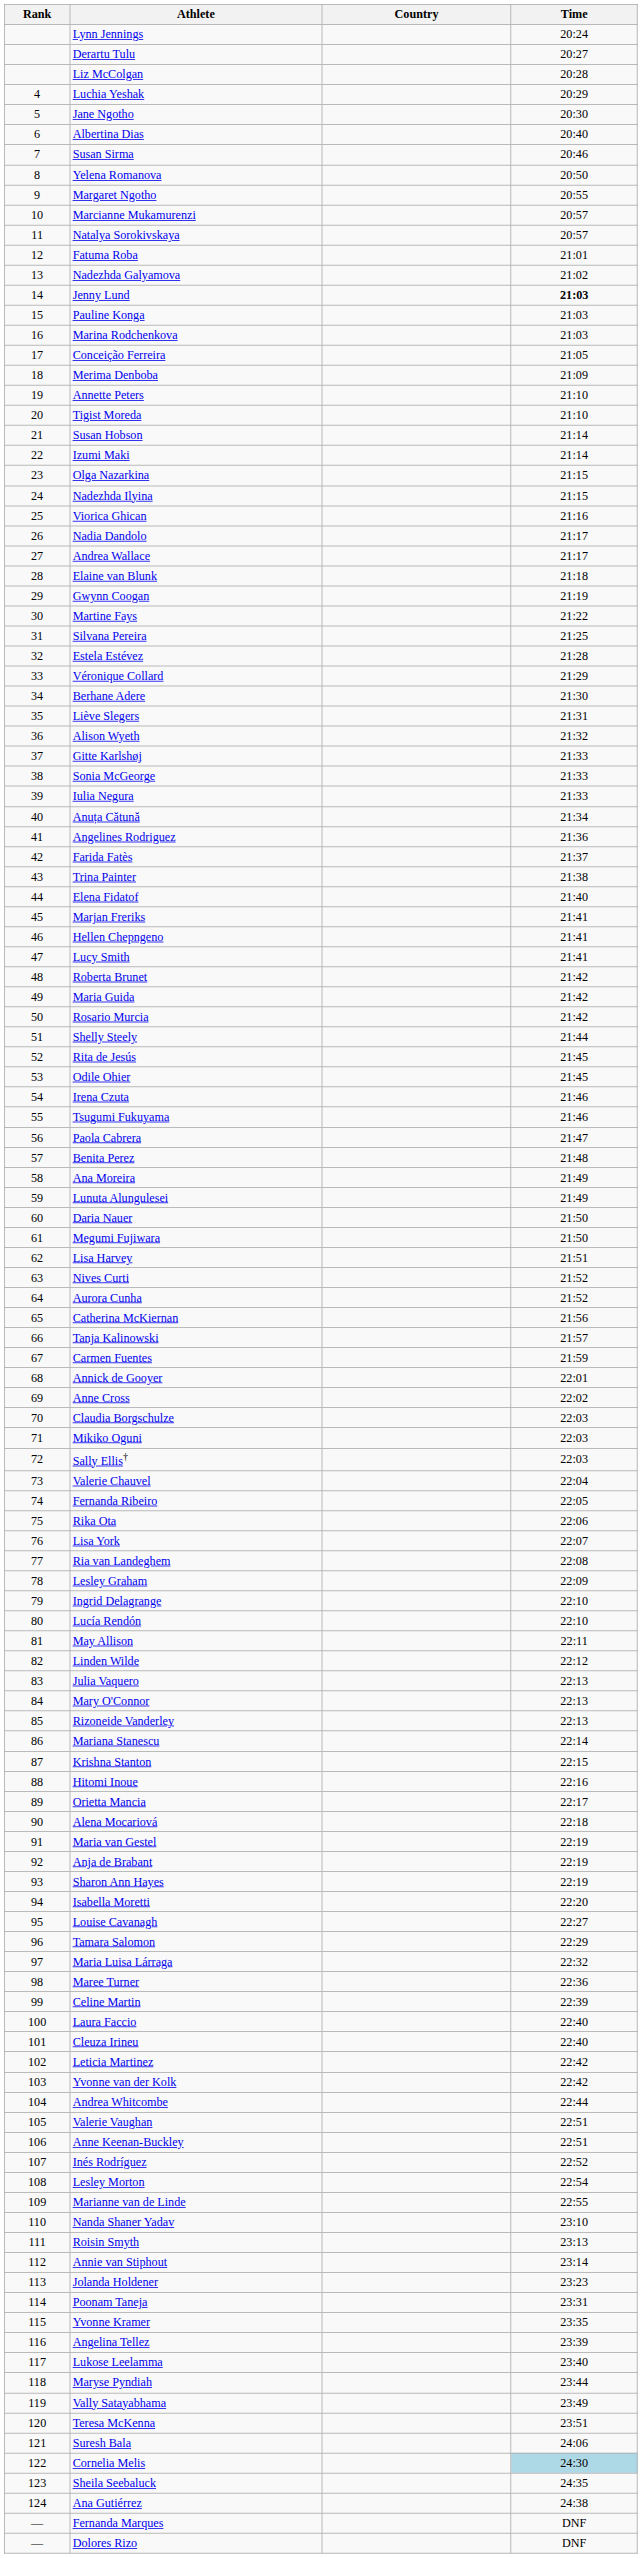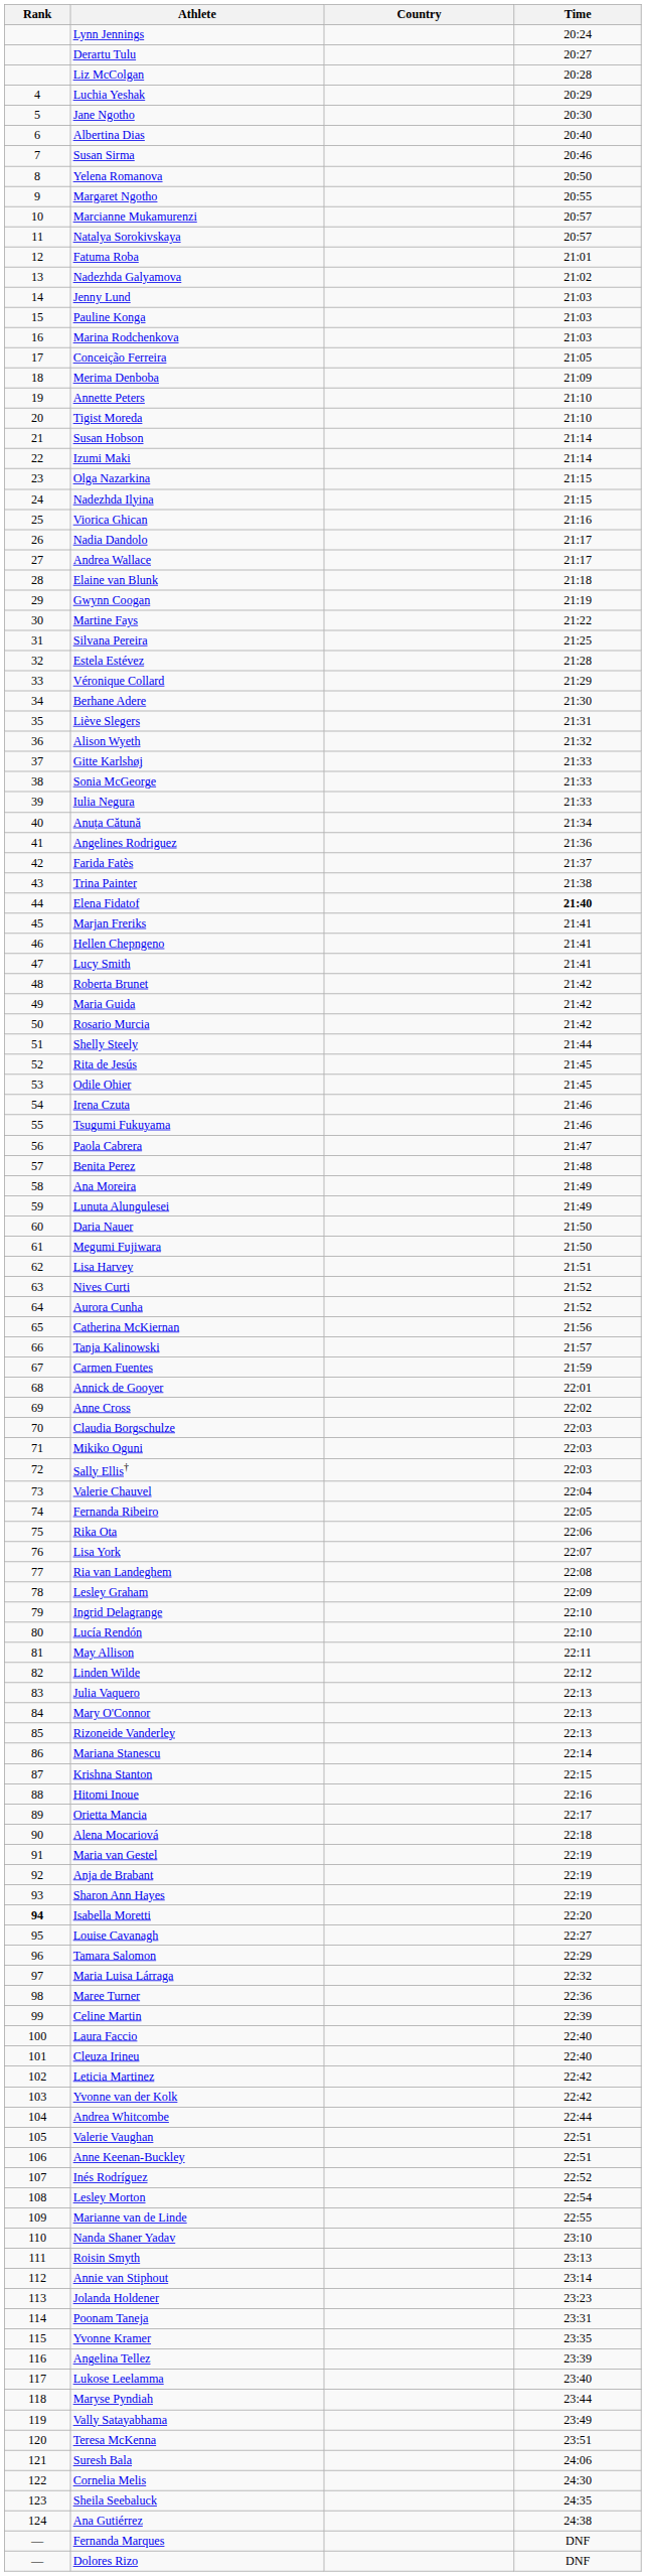 <table class="wikitable sortable" style=" text-align:center; font-size:95%;" width="50%">
 <tr>
 <th width=5%>Rank</th>
 <th width=20%>Athlete</th>
 <th width=15%>Country</th>
 <th width=10%>Time</th>
 </tr>
 <tr>
 <td align=center></td>
 <td align=left><a href='#'>Lynn Jennings</a></td>
 <td align=left></td>
 <td>20:24</td>
 </tr>
 <tr>
 <td align=center></td>
 <td align=left><a href='#'>Derartu Tulu</a></td>
 <td align=left></td>
 <td>20:27</td>
 </tr>
 <tr>
 <td align=center></td>
 <td align=left><a href='#'>Liz McColgan</a></td>
 <td align=left></td>
 <td>20:28</td>
 </tr>
 <tr>
 <td align=center>4</td>
 <td align=left><a href='#'>Luchia Yeshak</a></td>
 <td align=left></td>
 <td>20:29</td>
 </tr>
 <tr>
 <td align=center>5</td>
 <td align=left><a href='#'>Jane Ngotho</a></td>
 <td align=left></td>
 <td>20:30</td>
 </tr>
 <tr>
 <td align=center>6</td>
 <td align=left><a href='#'>Albertina Dias</a></td>
 <td align=left></td>
 <td>20:40</td>
 </tr>
 <tr>
 <td align=center>7</td>
 <td align=left><a href='#'>Susan Sirma</a></td>
 <td align=left></td>
 <td>20:46</td>
 </tr>
 <tr>
 <td align=center>8</td>
 <td align=left><a href='#'>Yelena Romanova</a></td>
 <td align=left></td>
 <td>20:50</td>
 </tr>
 <tr>
 <td align=center>9</td>
 <td align=left><a href='#'>Margaret Ngotho</a></td>
 <td align=left></td>
 <td>20:55</td>
 </tr>
 <tr>
 <td align=center>10</td>
 <td align=left><a href='#'>Marcianne Mukamurenzi</a></td>
 <td align=left></td>
 <td>20:57</td>
 </tr>
 <tr>
 <td align=center>11</td>
 <td align=left><a href='#'>Natalya Sorokivskaya</a></td>
 <td align=left></td>
 <td>20:57</td>
 </tr>
 <tr>
 <td align=center>12</td>
 <td align=left><a href='#'>Fatuma Roba</a></td>
 <td align=left></td>
 <td>21:01</td>
 </tr>
 <tr>
 <td align=center>13</td>
 <td align=left><a href='#'>Nadezhda Galyamova</a></td>
 <td align=left></td>
 <td>21:02</td>
 </tr>
 <tr>
 <td align=center>14</td>
 <td align=left><a href='#'>Jenny Lund</a></td>
 <td align=left></td>
-<td><strong>21:03</strong></td>
+<td>21:03</td>
 </tr>
 <tr>
 <td align=center>15</td>
 <td align=left><a href='#'>Pauline Konga</a></td>
 <td align=left></td>
 <td>21:03</td>
 </tr>
 <tr>
 <td align=center>16</td>
 <td align=left><a href='#'>Marina Rodchenkova</a></td>
 <td align=left></td>
 <td>21:03</td>
 </tr>
 <tr>
 <td align=center>17</td>
 <td align=left><a href='#'>Conceição Ferreira</a></td>
 <td align=left></td>
 <td>21:05</td>
 </tr>
 <tr>
 <td align=center>18</td>
 <td align=left><a href='#'>Merima Denboba</a></td>
 <td align=left></td>
 <td>21:09</td>
 </tr>
 <tr>
 <td align=center>19</td>
 <td align=left><a href='#'>Annette Peters</a></td>
 <td align=left></td>
 <td>21:10</td>
 </tr>
 <tr>
 <td align=center>20</td>
 <td align=left><a href='#'>Tigist Moreda</a></td>
 <td align=left></td>
 <td>21:10</td>
 </tr>
 <tr>
 <td align=center>21</td>
 <td align=left><a href='#'>Susan Hobson</a></td>
 <td align=left></td>
 <td>21:14</td>
 </tr>
 <tr>
 <td align=center>22</td>
 <td align=left><a href='#'>Izumi Maki</a></td>
 <td align=left></td>
 <td>21:14</td>
 </tr>
 <tr>
 <td align=center>23</td>
 <td align=left><a href='#'>Olga Nazarkina</a></td>
 <td align=left></td>
 <td>21:15</td>
 </tr>
 <tr>
 <td align=center>24</td>
 <td align=left><a href='#'>Nadezhda Ilyina</a></td>
 <td align=left></td>
 <td>21:15</td>
 </tr>
 <tr>
 <td align=center>25</td>
 <td align=left><a href='#'>Viorica Ghican</a></td>
 <td align=left></td>
 <td>21:16</td>
 </tr>
 <tr>
 <td align=center>26</td>
 <td align=left><a href='#'>Nadia Dandolo</a></td>
 <td align=left></td>
 <td>21:17</td>
 </tr>
 <tr>
 <td align=center>27</td>
 <td align=left><a href='#'>Andrea Wallace</a></td>
 <td align=left></td>
 <td>21:17</td>
 </tr>
 <tr>
 <td align=center>28</td>
 <td align=left><a href='#'>Elaine van Blunk</a></td>
 <td align=left></td>
 <td>21:18</td>
 </tr>
 <tr>
 <td align=center>29</td>
 <td align=left><a href='#'>Gwynn Coogan</a></td>
 <td align=left></td>
 <td>21:19</td>
 </tr>
 <tr>
 <td align=center>30</td>
 <td align=left><a href='#'>Martine Fays</a></td>
 <td align=left></td>
 <td>21:22</td>
 </tr>
 <tr>
 <td align=center>31</td>
 <td align=left><a href='#'>Silvana Pereira</a></td>
 <td align=left></td>
 <td>21:25</td>
 </tr>
 <tr>
 <td align=center>32</td>
 <td align=left><a href='#'>Estela Estévez</a></td>
 <td align=left></td>
 <td>21:28</td>
 </tr>
 <tr>
 <td align=center>33</td>
 <td align=left><a href='#'>Véronique Collard</a></td>
 <td align=left></td>
 <td>21:29</td>
 </tr>
 <tr>
 <td align=center>34</td>
 <td align=left><a href='#'>Berhane Adere</a></td>
 <td align=left></td>
 <td>21:30</td>
 </tr>
 <tr>
 <td align=center>35</td>
 <td align=left><a href='#'>Liève Slegers</a></td>
 <td align=left></td>
 <td>21:31</td>
 </tr>
 <tr>
 <td align=center>36</td>
 <td align=left><a href='#'>Alison Wyeth</a></td>
 <td align=left></td>
 <td>21:32</td>
 </tr>
 <tr>
 <td align=center>37</td>
 <td align=left><a href='#'>Gitte Karlshøj</a></td>
 <td align=left></td>
 <td>21:33</td>
 </tr>
 <tr>
 <td align=center>38</td>
 <td align=left><a href='#'>Sonia McGeorge</a></td>
 <td align=left></td>
 <td>21:33</td>
 </tr>
 <tr>
 <td align=center>39</td>
 <td align=left><a href='#'>Iulia Negura</a></td>
 <td align=left></td>
 <td>21:33</td>
 </tr>
 <tr>
 <td align=center>40</td>
 <td align=left><a href='#'>Anuța Cătună</a></td>
 <td align=left></td>
 <td>21:34</td>
 </tr>
 <tr>
 <td align=center>41</td>
 <td align=left><a href='#'>Angelines Rodriguez</a></td>
 <td align=left></td>
 <td>21:36</td>
 </tr>
 <tr>
 <td align=center>42</td>
 <td align=left><a href='#'>Farida Fatès</a></td>
 <td align=left></td>
 <td>21:37</td>
 </tr>
 <tr>
 <td align=center>43</td>
 <td align=left><a href='#'>Trina Painter</a></td>
 <td align=left></td>
 <td>21:38</td>
 </tr>
 <tr>
 <td align=center>44</td>
 <td align=left><a href='#'>Elena Fidatof</a></td>
 <td align=left></td>
-<td>21:40</td>
+<td><strong>21:40</strong></td>
 </tr>
 <tr>
 <td align=center>45</td>
 <td align=left><a href='#'>Marjan Freriks</a></td>
 <td align=left></td>
 <td>21:41</td>
 </tr>
 <tr>
 <td align=center>46</td>
 <td align=left><a href='#'>Hellen Chepngeno</a></td>
 <td align=left></td>
 <td>21:41</td>
 </tr>
 <tr>
 <td align=center>47</td>
 <td align=left><a href='#'>Lucy Smith</a></td>
 <td align=left></td>
 <td>21:41</td>
 </tr>
 <tr>
 <td align=center>48</td>
 <td align=left><a href='#'>Roberta Brunet</a></td>
 <td align=left></td>
 <td>21:42</td>
 </tr>
 <tr>
 <td align=center>49</td>
 <td align=left><a href='#'>Maria Guida</a></td>
 <td align=left></td>
 <td>21:42</td>
 </tr>
 <tr>
 <td align=center>50</td>
 <td align=left><a href='#'>Rosario Murcia</a></td>
 <td align=left></td>
 <td>21:42</td>
 </tr>
 <tr>
 <td align=center>51</td>
 <td align=left><a href='#'>Shelly Steely</a></td>
 <td align=left></td>
 <td>21:44</td>
 </tr>
 <tr>
 <td align=center>52</td>
 <td align=left><a href='#'>Rita de Jesús</a></td>
 <td align=left></td>
 <td>21:45</td>
 </tr>
 <tr>
 <td align=center>53</td>
 <td align=left><a href='#'>Odile Ohier</a></td>
 <td align=left></td>
 <td>21:45</td>
 </tr>
 <tr>
 <td align=center>54</td>
 <td align=left><a href='#'>Irena Czuta</a></td>
 <td align=left></td>
 <td>21:46</td>
 </tr>
 <tr>
 <td align=center>55</td>
 <td align=left><a href='#'>Tsugumi Fukuyama</a></td>
 <td align=left></td>
 <td>21:46</td>
 </tr>
 <tr>
 <td align=center>56</td>
 <td align=left><a href='#'>Paola Cabrera</a></td>
 <td align=left></td>
 <td>21:47</td>
 </tr>
 <tr>
 <td align=center>57</td>
 <td align=left><a href='#'>Benita Perez</a></td>
 <td align=left></td>
 <td>21:48</td>
 </tr>
 <tr>
 <td align=center>58</td>
 <td align=left><a href='#'>Ana Moreira</a></td>
 <td align=left></td>
 <td>21:49</td>
 </tr>
 <tr>
 <td align=center>59</td>
 <td align=left><a href='#'>Lunuta Alungulesei</a></td>
 <td align=left></td>
 <td>21:49</td>
 </tr>
 <tr>
 <td align=center>60</td>
 <td align=left><a href='#'>Daria Nauer</a></td>
 <td align=left></td>
 <td>21:50</td>
 </tr>
 <tr>
 <td align=center>61</td>
 <td align=left><a href='#'>Megumi Fujiwara</a></td>
 <td align=left></td>
 <td>21:50</td>
 </tr>
 <tr>
 <td align=center>62</td>
 <td align=left><a href='#'>Lisa Harvey</a></td>
 <td align=left></td>
 <td>21:51</td>
 </tr>
 <tr>
 <td align=center>63</td>
 <td align=left><a href='#'>Nives Curti</a></td>
 <td align=left></td>
 <td>21:52</td>
 </tr>
 <tr>
 <td align=center>64</td>
 <td align=left><a href='#'>Aurora Cunha</a></td>
 <td align=left></td>
 <td>21:52</td>
 </tr>
 <tr>
 <td align=center>65</td>
 <td align=left><a href='#'>Catherina McKiernan</a></td>
 <td align=left></td>
 <td>21:56</td>
 </tr>
 <tr>
 <td align=center>66</td>
 <td align=left><a href='#'>Tanja Kalinowski</a></td>
 <td align=left></td>
 <td>21:57</td>
 </tr>
 <tr>
 <td align=center>67</td>
 <td align=left><a href='#'>Carmen Fuentes</a></td>
 <td align=left></td>
 <td>21:59</td>
 </tr>
 <tr>
 <td align=center>68</td>
 <td align=left><a href='#'>Annick de Gooyer</a></td>
 <td align=left></td>
 <td>22:01</td>
 </tr>
 <tr>
 <td align=center>69</td>
 <td align=left><a href='#'>Anne Cross</a></td>
 <td align=left></td>
 <td>22:02</td>
 </tr>
 <tr>
 <td align=center>70</td>
 <td align=left><a href='#'>Claudia Borgschulze</a></td>
 <td align=left></td>
 <td>22:03</td>
 </tr>
 <tr>
 <td align=center>71</td>
 <td align=left><a href='#'>Mikiko Oguni</a></td>
 <td align=left></td>
 <td>22:03</td>
 </tr>
 <tr>
 <td align=center>72</td>
 <td align=left><a href='#'>Sally Ellis</a><sup>†</sup></td>
 <td align=left></td>
 <td>22:03</td>
 </tr>
 <tr>
 <td align=center>73</td>
 <td align=left><a href='#'>Valerie Chauvel</a></td>
 <td align=left></td>
 <td>22:04</td>
 </tr>
 <tr>
 <td align=center>74</td>
 <td align=left><a href='#'>Fernanda Ribeiro</a></td>
 <td align=left></td>
 <td>22:05</td>
 </tr>
 <tr>
 <td align=center>75</td>
 <td align=left><a href='#'>Rika Ota</a></td>
 <td align=left></td>
 <td>22:06</td>
 </tr>
 <tr>
 <td align=center>76</td>
 <td align=left><a href='#'>Lisa York</a></td>
 <td align=left></td>
 <td>22:07</td>
 </tr>
 <tr>
 <td align=center>77</td>
 <td align=left><a href='#'>Ria van Landeghem</a></td>
 <td align=left></td>
 <td>22:08</td>
 </tr>
 <tr>
 <td align=center>78</td>
 <td align=left><a href='#'>Lesley Graham</a></td>
 <td align=left></td>
 <td>22:09</td>
 </tr>
 <tr>
 <td align=center>79</td>
 <td align=left><a href='#'>Ingrid Delagrange</a></td>
 <td align=left></td>
 <td>22:10</td>
 </tr>
 <tr>
 <td align=center>80</td>
 <td align=left><a href='#'>Lucía Rendón</a></td>
 <td align=left></td>
 <td>22:10</td>
 </tr>
 <tr>
 <td align=center>81</td>
 <td align=left><a href='#'>May Allison</a></td>
 <td align=left></td>
 <td>22:11</td>
 </tr>
 <tr>
 <td align=center>82</td>
 <td align=left><a href='#'>Linden Wilde</a></td>
 <td align=left></td>
 <td>22:12</td>
 </tr>
 <tr>
 <td align=center>83</td>
 <td align=left><a href='#'>Julia Vaquero</a></td>
 <td align=left></td>
 <td>22:13</td>
 </tr>
 <tr>
 <td align=center>84</td>
 <td align=left><a href='#'>Mary O'Connor</a></td>
 <td align=left></td>
 <td>22:13</td>
 </tr>
 <tr>
 <td align=center>85</td>
 <td align=left><a href='#'>Rizoneide Vanderley</a></td>
 <td align=left></td>
 <td>22:13</td>
 </tr>
 <tr>
 <td align=center>86</td>
 <td align=left><a href='#'>Mariana Stanescu</a></td>
 <td align=left></td>
 <td>22:14</td>
 </tr>
 <tr>
 <td align=center>87</td>
 <td align=left><a href='#'>Krishna Stanton</a></td>
 <td align=left></td>
 <td>22:15</td>
 </tr>
 <tr>
 <td align=center>88</td>
 <td align=left><a href='#'>Hitomi Inoue</a></td>
 <td align=left></td>
 <td>22:16</td>
 </tr>
 <tr>
 <td align=center>89</td>
 <td align=left><a href='#'>Orietta Mancia</a></td>
 <td align=left></td>
 <td>22:17</td>
 </tr>
 <tr>
 <td align=center>90</td>
 <td align=left><a href='#'>Alena Mocariová</a></td>
 <td align=left></td>
 <td>22:18</td>
 </tr>
 <tr>
 <td align=center>91</td>
 <td align=left><a href='#'>Maria van Gestel</a></td>
 <td align=left></td>
 <td>22:19</td>
 </tr>
 <tr>
 <td align=center>92</td>
 <td align=left><a href='#'>Anja de Brabant</a></td>
 <td align=left></td>
 <td>22:19</td>
 </tr>
 <tr>
 <td align=center>93</td>
 <td align=left><a href='#'>Sharon Ann Hayes</a></td>
 <td align=left></td>
 <td>22:19</td>
 </tr>
 <tr>
-<td align=center>94</td>
+<td align=center><strong>94</strong></td>
 <td align=left><a href='#'>Isabella Moretti</a></td>
 <td align=left></td>
 <td>22:20</td>
 </tr>
 <tr>
 <td align=center>95</td>
 <td align=left><a href='#'>Louise Cavanagh</a></td>
 <td align=left></td>
 <td>22:27</td>
 </tr>
 <tr>
 <td align=center>96</td>
 <td align=left><a href='#'>Tamara Salomon</a></td>
 <td align=left></td>
 <td>22:29</td>
 </tr>
 <tr>
 <td align=center>97</td>
 <td align=left><a href='#'>Maria Luisa Lárraga</a></td>
 <td align=left></td>
 <td>22:32</td>
 </tr>
 <tr>
 <td align=center>98</td>
 <td align=left><a href='#'>Maree Turner</a></td>
 <td align=left></td>
 <td>22:36</td>
 </tr>
 <tr>
 <td align=center>99</td>
 <td align=left><a href='#'>Celine Martin</a></td>
 <td align=left></td>
 <td>22:39</td>
 </tr>
 <tr>
 <td align=center>100</td>
 <td align=left><a href='#'>Laura Faccio</a></td>
 <td align=left></td>
 <td>22:40</td>
 </tr>
 <tr>
 <td align=center>101</td>
 <td align=left><a href='#'>Cleuza Irineu</a></td>
 <td align=left></td>
 <td>22:40</td>
 </tr>
 <tr>
 <td align=center>102</td>
 <td align=left><a href='#'>Leticia Martinez</a></td>
 <td align=left></td>
 <td>22:42</td>
 </tr>
 <tr>
 <td align=center>103</td>
 <td align=left><a href='#'>Yvonne van der Kolk</a></td>
 <td align=left></td>
 <td>22:42</td>
 </tr>
 <tr>
 <td align=center>104</td>
 <td align=left><a href='#'>Andrea Whitcombe</a></td>
 <td align=left></td>
 <td>22:44</td>
 </tr>
 <tr>
 <td align=center>105</td>
 <td align=left><a href='#'>Valerie Vaughan</a></td>
 <td align=left></td>
 <td>22:51</td>
 </tr>
 <tr>
 <td align=center>106</td>
 <td align=left><a href='#'>Anne Keenan-Buckley</a></td>
 <td align=left></td>
 <td>22:51</td>
 </tr>
 <tr>
 <td align=center>107</td>
 <td align=left><a href='#'>Inés Rodríguez</a></td>
 <td align=left></td>
 <td>22:52</td>
 </tr>
 <tr>
 <td align=center>108</td>
 <td align=left><a href='#'>Lesley Morton</a></td>
 <td align=left></td>
 <td>22:54</td>
 </tr>
 <tr>
 <td align=center>109</td>
 <td align=left><a href='#'>Marianne van de Linde</a></td>
 <td align=left></td>
 <td>22:55</td>
 </tr>
 <tr>
 <td align=center>110</td>
 <td align=left><a href='#'>Nanda Shaner Yadav</a></td>
 <td align=left></td>
 <td>23:10</td>
 </tr>
 <tr>
 <td align=center>111</td>
 <td align=left><a href='#'>Roisin Smyth</a></td>
 <td align=left></td>
 <td>23:13</td>
 </tr>
 <tr>
 <td align=center>112</td>
 <td align=left><a href='#'>Annie van Stiphout</a></td>
 <td align=left></td>
 <td>23:14</td>
 </tr>
 <tr>
 <td align=center>113</td>
 <td align=left><a href='#'>Jolanda Holdener</a></td>
 <td align=left></td>
 <td>23:23</td>
 </tr>
 <tr>
 <td align=center>114</td>
 <td align=left><a href='#'>Poonam Taneja</a></td>
 <td align=left></td>
 <td>23:31</td>
 </tr>
 <tr>
 <td align=center>115</td>
 <td align=left><a href='#'>Yvonne Kramer</a></td>
 <td align=left></td>
 <td>23:35</td>
 </tr>
 <tr>
 <td align=center>116</td>
 <td align=left><a href='#'>Angelina Tellez</a></td>
 <td align=left></td>
 <td>23:39</td>
 </tr>
 <tr>
 <td align=center>117</td>
 <td align=left><a href='#'>Lukose Leelamma</a></td>
 <td align=left></td>
 <td>23:40</td>
 </tr>
 <tr>
 <td align=center>118</td>
 <td align=left><a href='#'>Maryse Pyndiah</a></td>
 <td align=left></td>
 <td>23:44</td>
 </tr>
 <tr>
 <td align=center>119</td>
 <td align=left><a href='#'>Vally Satayabhama</a></td>
 <td align=left></td>
 <td>23:49</td>
 </tr>
 <tr>
 <td align=center>120</td>
 <td align=left><a href='#'>Teresa McKenna</a></td>
 <td align=left></td>
 <td>23:51</td>
 </tr>
 <tr>
 <td align=center>121</td>
 <td align=left><a href='#'>Suresh Bala</a></td>
 <td align=left></td>
 <td>24:06</td>
 </tr>
 <tr>
 <td align=center>122</td>
 <td align=left><a href='#'>Cornelia Melis</a></td>
 <td align=left></td>
-<td style="background: lightblue;">24:30</td>
+<td>24:30</td>
 </tr>
 <tr>
 <td align=center>123</td>
 <td align=left><a href='#'>Sheila Seebaluck</a></td>
 <td align=left></td>
 <td>24:35</td>
 </tr>
 <tr>
 <td align=center>124</td>
 <td align=left><a href='#'>Ana Gutiérrez</a></td>
 <td align=left></td>
 <td>24:38</td>
 </tr>
 <tr>
 <td align=center>—</td>
 <td align=left><a href='#'>Fernanda Marques</a></td>
 <td align=left></td>
 <td>DNF</td>
 </tr>
 <tr>
 <td align=center>—</td>
 <td align=left><a href='#'>Dolores Rizo</a></td>
 <td align=left></td>
 <td>DNF</td>
 </tr>
 </table>
